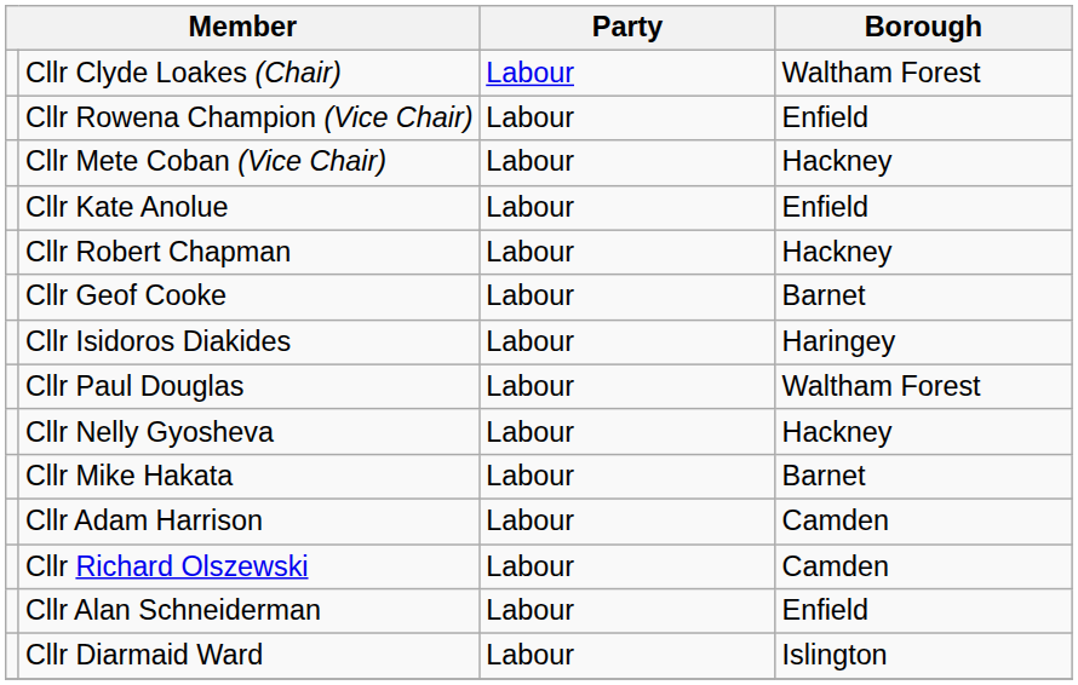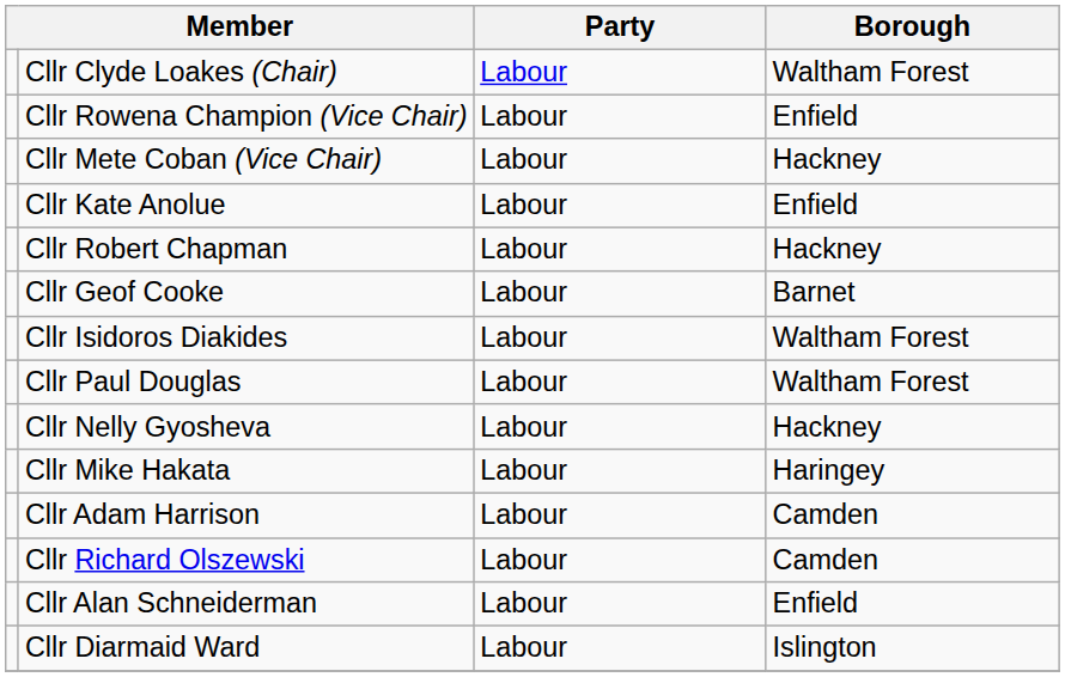 <table class="wikitable">
 <tr>
 <th width="160px" colspan="2">Member</th>
 <th width="160px" colspan="1">Party</th>
 <th width="160px" colspan="2">Borough</th>
 </tr>
 <tr>
 <td style="color:inherit;background:"></td>
 <td>Cllr Clyde Loakes <em>(Chair)</em></td>
 <td><a href='#'>Labour</a></td>
 <td>Waltham Forest</td>
 </tr>
 <tr>
 <td style="color:inherit;background:"></td>
 <td>Cllr Rowena Champion <em>(Vice Chair)</em></td>
 <td>Labour</td>
 <td>Enfield</td>
 </tr>
 <tr>
 <td style="color:inherit;background:"></td>
 <td>Cllr Mete Coban <em>(Vice Chair)</em></td>
 <td>Labour</td>
 <td>Hackney</td>
 </tr>
 <tr>
 <td style="color:inherit;background:"></td>
 <td>Cllr Kate Anolue</td>
 <td>Labour</td>
 <td>Enfield</td>
 </tr>
 <tr>
 <td style="color:inherit;background:"></td>
 <td>Cllr Robert Chapman</td>
 <td>Labour</td>
 <td>Hackney</td>
 </tr>
 <tr>
 <td style="color:inherit;background:"></td>
 <td>Cllr Geof Cooke</td>
 <td>Labour</td>
 <td>Barnet</td>
 </tr>
 <tr>
 <td style="color:inherit;background:"></td>
 <td>Cllr Isidoros Diakides</td>
 <td>Labour</td>
-<td>Haringey</td>
+<td>Waltham Forest</td>
 </tr>
 <tr>
 <td style="color:inherit;background:"></td>
 <td>Cllr Paul Douglas</td>
 <td>Labour</td>
 <td>Waltham Forest</td>
 </tr>
 <tr>
 <td style="color:inherit;background:"></td>
 <td>Cllr Nelly Gyosheva</td>
 <td>Labour</td>
 <td>Hackney</td>
 </tr>
 <tr>
 <td style="color:inherit;background:"></td>
 <td>Cllr Mike Hakata</td>
 <td>Labour</td>
-<td>Barnet</td>
+<td>Haringey</td>
 </tr>
 <tr>
 <td style="color:inherit;background:"></td>
 <td>Cllr Adam Harrison</td>
 <td>Labour</td>
 <td>Camden</td>
 </tr>
 <tr>
 <td style="color:inherit;background:"></td>
 <td>Cllr <a href='#'>Richard Olszewski</a></td>
 <td>Labour</td>
 <td>Camden</td>
 </tr>
 <tr>
 <td style="color:inherit;background:"></td>
 <td>Cllr Alan Schneiderman</td>
 <td>Labour</td>
 <td>Enfield</td>
 </tr>
 <tr>
 <td style="color:inherit;background:"></td>
 <td>Cllr Diarmaid Ward</td>
 <td>Labour</td>
 <td>Islington</td>
 </tr>
 <tr>
 </tr>
 </table>
